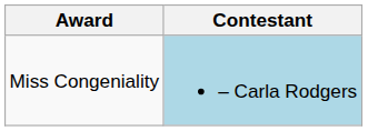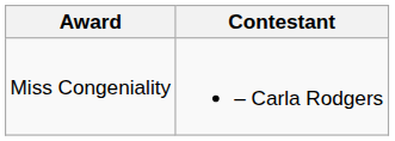 <table class="wikitable sortable" style="font-size:95%;">
 <tr>
 <th>Award</th>
 <th>Contestant</th>
 </tr>
 <tr>
 <td>Miss Congeniality</td>
-<td style="background: lightblue;"><br><ul><li> – Carla Rodgers</li></ul></td>
+<td><br><ul><li> – Carla Rodgers</li></ul></td>
 </tr>
 </table>
